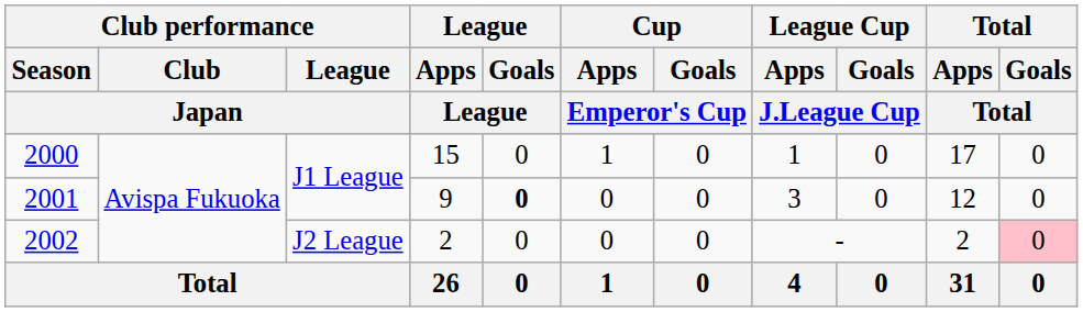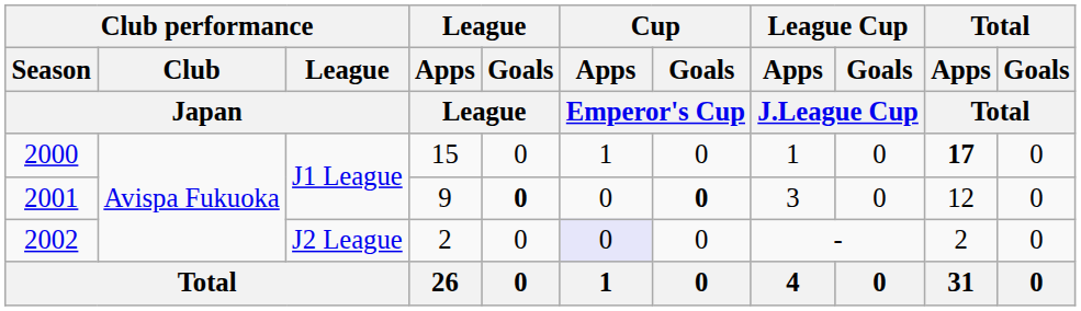 <table class="wikitable" style="text-align:center;">
 <tr>
 <th colspan=3>Club performance</th>
 <th colspan=2>League</th>
 <th colspan=2>Cup</th>
 <th colspan=2>League Cup</th>
 <th colspan=2>Total</th>
 </tr>
 <tr>
 <th>Season</th>
 <th>Club</th>
 <th>League</th>
 <th>Apps</th>
 <th>Goals</th>
 <th>Apps</th>
 <th>Goals</th>
 <th>Apps</th>
 <th>Goals</th>
 <th>Apps</th>
 <th>Goals</th>
 </tr>
 <tr>
 <th colspan=3>Japan</th>
 <th colspan=2>League</th>
 <th colspan=2><a href='#'>Emperor's Cup</a></th>
 <th colspan=2><a href='#'>J.League Cup</a></th>
 <th colspan=2>Total</th>
 </tr>
 <tr>
 <td><a href='#'>2000</a></td>
 <td rowspan="3"><a href='#'>Avispa Fukuoka</a></td>
 <td rowspan="2"><a href='#'>J1 League</a></td>
 <td>15</td>
 <td>0</td>
 <td>1</td>
 <td>0</td>
 <td>1</td>
 <td>0</td>
-<td>17</td>
+<td><strong>17</strong></td>
 <td>0</td>
 </tr>
 <tr>
 <td><a href='#'>2001</a></td>
 <td>9</td>
 <td><strong>0</strong></td>
 <td>0</td>
-<td>0</td>
+<td><strong>0</strong></td>
 <td>3</td>
 <td>0</td>
 <td>12</td>
 <td>0</td>
 </tr>
 <tr>
 <td><a href='#'>2002</a></td>
 <td><a href='#'>J2 League</a></td>
 <td>2</td>
 <td>0</td>
-<td>0</td>
+<td style="background: lavender;">0</td>
 <td>0</td>
 <td colspan="2">-</td>
 <td>2</td>
-<td style="background: pink;">0</td>
+<td>0</td>
 </tr>
 <tr>
 <th colspan=3>Total</th>
 <th>26</th>
 <th>0</th>
 <th>1</th>
 <th>0</th>
 <th>4</th>
 <th>0</th>
 <th>31</th>
 <th>0</th>
 </tr>
 </table>
